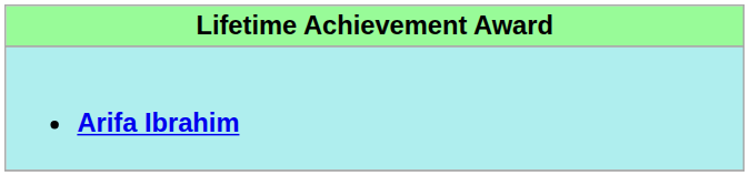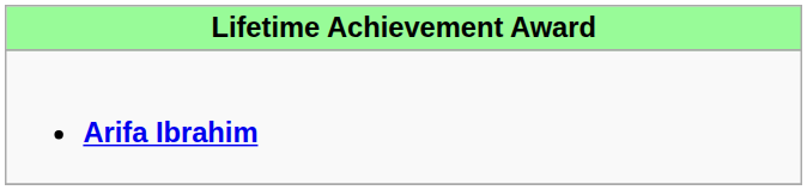 <table class="wikitable">
 <tr>
 <th style="background:#98fb98; width:50%;">Lifetime Achievement Award</th>
 </tr>
 <tr>
 </tr>
 <tr>
-<td valign="top" style="background: paleturquoise;"><br><ul><li><strong><a href='#'>Arifa Ibrahim</a></strong></li></ul></td>
+<td valign="top"><br><ul><li><strong><a href='#'>Arifa Ibrahim</a></strong></li></ul></td>
 </tr>
 <tr>
 </tr>
 </table>
